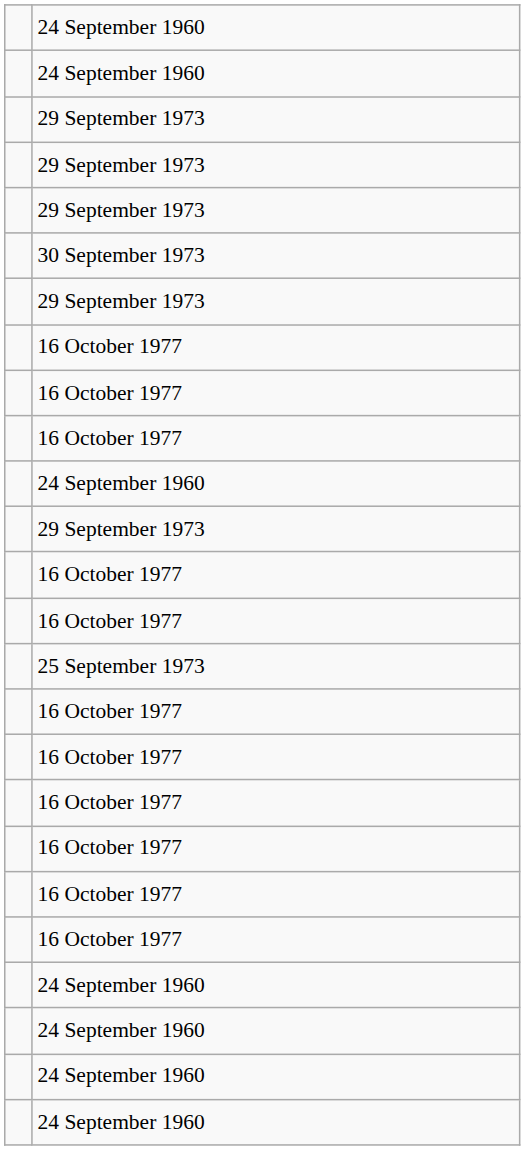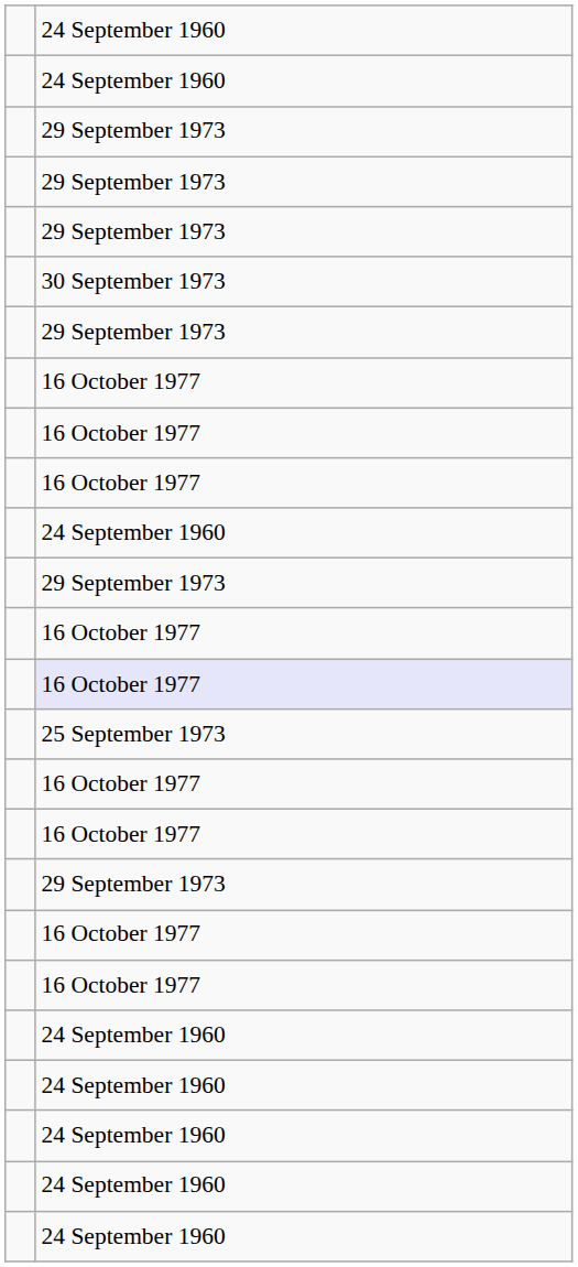 <table class="wikitable" style="font-size: 89%; float: left; width: 24em; margin-right: 1em; line-height: 1.65em">
 <tr>
 <td></td>
 <td>24 September 1960</td>
 </tr>
 <tr>
 <td></td>
 <td>24 September 1960</td>
 </tr>
 <tr>
 <td></td>
 <td>29 September 1973</td>
 </tr>
 <tr>
 <td></td>
 <td>29 September 1973</td>
 </tr>
 <tr>
 <td></td>
 <td>29 September 1973</td>
 </tr>
 <tr>
 <td></td>
 <td>30 September 1973</td>
 </tr>
 <tr>
 <td></td>
 <td>29 September 1973</td>
 </tr>
 <tr>
 <td></td>
 <td>16 October 1977</td>
 </tr>
 <tr>
 <td></td>
 <td>16 October 1977</td>
 </tr>
 <tr>
 <td></td>
 <td>16 October 1977</td>
 </tr>
 <tr>
 <td></td>
 <td>24 September 1960</td>
 </tr>
 <tr>
 <td></td>
 <td>29 September 1973</td>
 </tr>
 <tr>
 <td></td>
 <td>16 October 1977</td>
 </tr>
 <tr>
 <td></td>
-<td>16 October 1977</td>
+<td style="background: lavender;">16 October 1977</td>
 </tr>
 <tr>
 <td></td>
 <td>25 September 1973</td>
 </tr>
 <tr>
 <td></td>
 <td>16 October 1977</td>
 </tr>
 <tr>
 <td></td>
 <td>16 October 1977</td>
 </tr>
 <tr>
 <td></td>
-<td>16 October 1977</td>
-</tr>
-<tr>
-<td></td>
-<td>16 October 1977</td>
+<td>29 September 1973</td>
 </tr>
 <tr>
 <td></td>
 <td>16 October 1977</td>
 </tr>
 <tr>
 <td></td>
 <td>16 October 1977</td>
 </tr>
 <tr>
 <td></td>
 <td>24 September 1960</td>
 </tr>
 <tr>
 <td></td>
 <td>24 September 1960</td>
 </tr>
 <tr>
 <td></td>
 <td>24 September 1960</td>
 </tr>
 <tr>
 <td></td>
 <td>24 September 1960</td>
 </tr>
+<tr>
+<td></td>
+<td>24 September 1960</td>
+</tr>
 </table>
